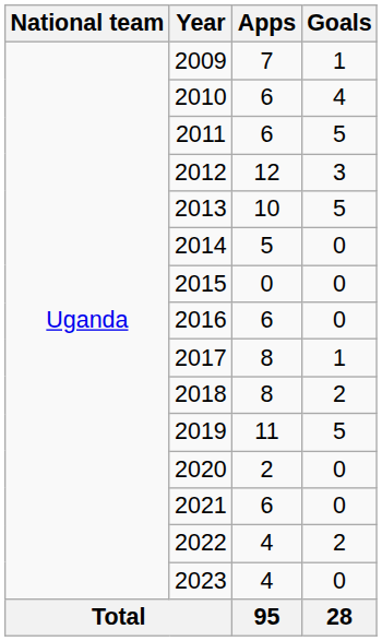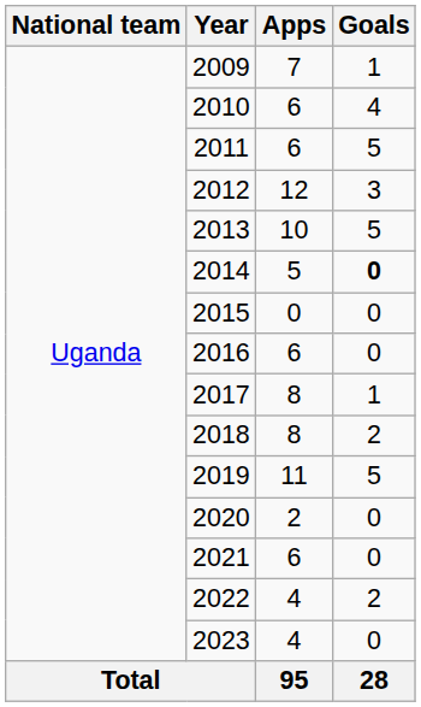 <table class="wikitable" style="text-align:center">
 <tr>
 <th>National team</th>
 <th>Year</th>
 <th>Apps</th>
 <th>Goals</th>
 </tr>
 <tr>
 <td rowspan="15"><a href='#'>Uganda</a></td>
 <td>2009</td>
 <td>7</td>
 <td>1</td>
 </tr>
 <tr>
 <td>2010</td>
 <td>6</td>
 <td>4</td>
 </tr>
 <tr>
 <td>2011</td>
 <td>6</td>
 <td>5</td>
 </tr>
 <tr>
 <td>2012</td>
 <td>12</td>
 <td>3</td>
 </tr>
 <tr>
 <td>2013</td>
 <td>10</td>
 <td>5</td>
 </tr>
 <tr>
 <td>2014</td>
 <td>5</td>
-<td>0</td>
+<td><strong>0</strong></td>
 </tr>
 <tr>
 <td>2015</td>
 <td>0</td>
 <td>0</td>
 </tr>
 <tr>
 <td>2016</td>
 <td>6</td>
 <td>0</td>
 </tr>
 <tr>
 <td>2017</td>
 <td>8</td>
 <td>1</td>
 </tr>
 <tr>
 <td>2018</td>
 <td>8</td>
 <td>2</td>
 </tr>
 <tr>
 <td>2019</td>
 <td>11</td>
 <td>5</td>
 </tr>
 <tr>
 <td>2020</td>
 <td>2</td>
 <td>0</td>
 </tr>
 <tr>
 <td>2021</td>
 <td>6</td>
 <td>0</td>
 </tr>
 <tr>
 <td>2022</td>
 <td>4</td>
 <td>2</td>
 </tr>
 <tr>
 <td>2023</td>
 <td>4</td>
 <td>0</td>
 </tr>
 <tr>
 <th colspan="2">Total</th>
 <th>95</th>
 <th>28</th>
 </tr>
 </table>
